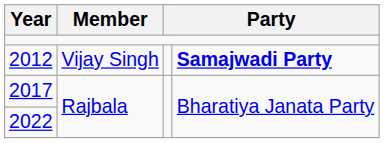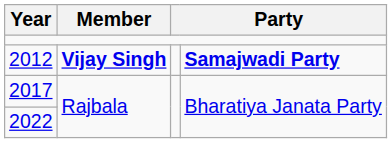 <table class="wikitable">
 <tr>
 <th>Year</th>
 <th>Member</th>
 <th colspan="2">Party</th>
 </tr>
 <tr>
 <td colspan="4"></td>
 </tr>
 <tr>
 <td><a href='#'>2012</a></td>
-<td><a href='#'>Vijay Singh</a></td>
+<td><strong><a href='#'>Vijay Singh</a></strong></td>
 <td style="background-color: "></td>
 <td><strong><a href='#'>Samajwadi Party</a></strong></td>
 </tr>
 <tr>
 <td><a href='#'>2017</a></td>
 <td rowspan="2"><a href='#'>Rajbala</a></td>
 <td rowspan="2" style="background-color: "></td>
 <td rowspan="2"><a href='#'>Bharatiya Janata Party</a></td>
 </tr>
 <tr>
 <td><a href='#'>2022</a></td>
 </tr>
 </table>
